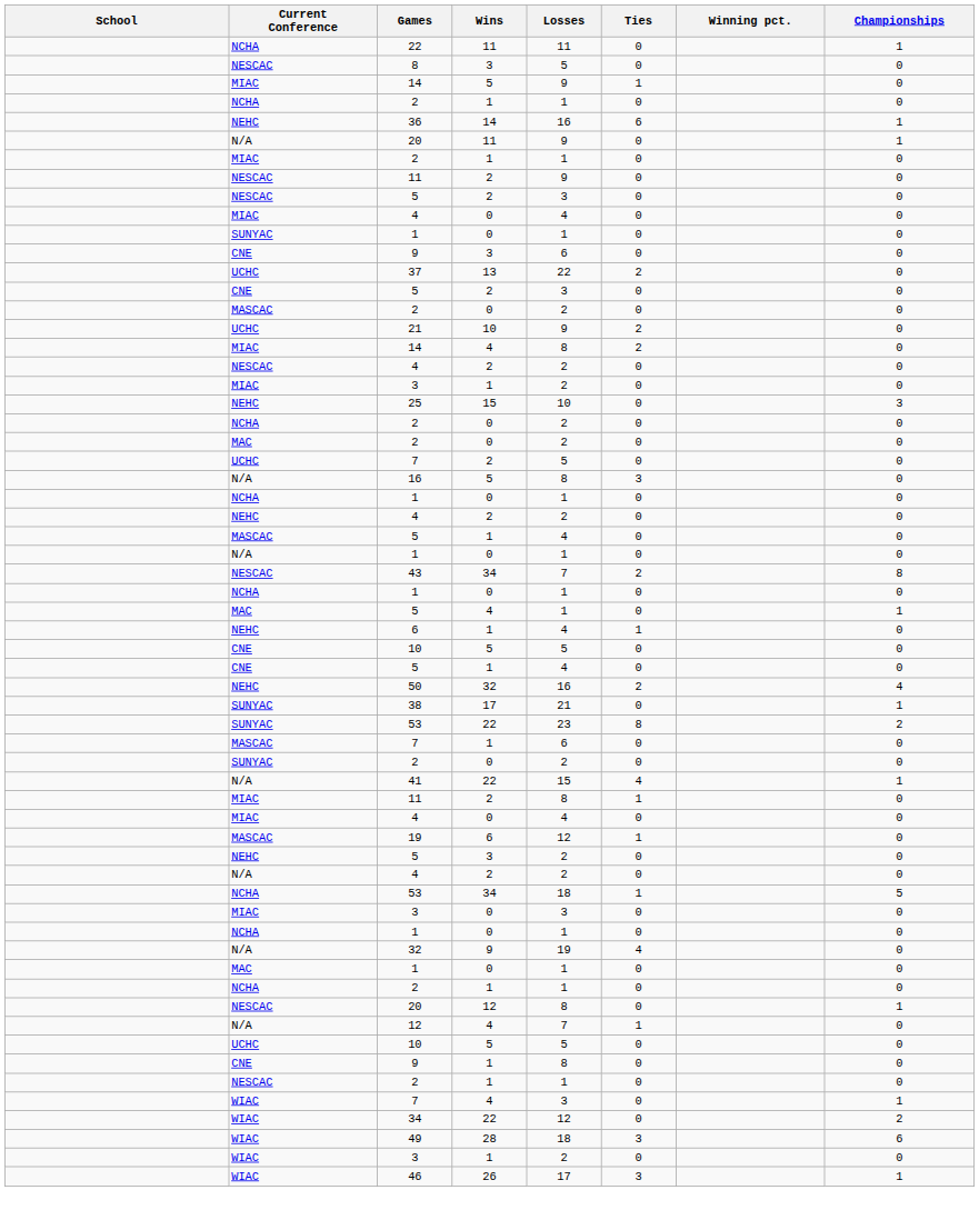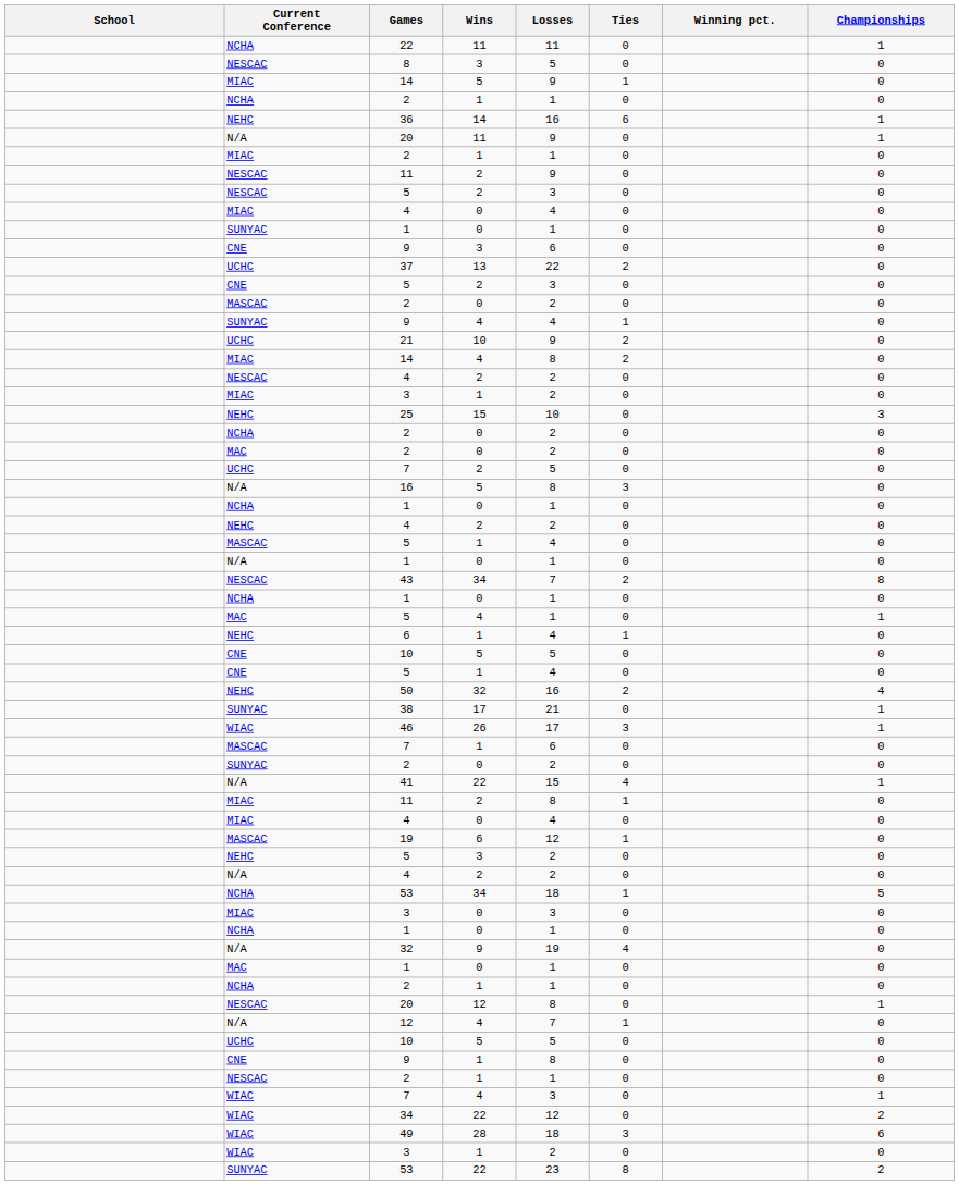 <table class="wikitable sortable" style="text-align:center" width=55%>
 <tr>
 <th width=15%>School</th>
 <th width=10%>Current<br>Conference</th>
 <th width=5%>Games</th>
 <th width=5%>Wins</th>
 <th width=5%>Losses</th>
 <th width=5%>Ties</th>
 <th width=10%>Winning pct.</th>
 <th width=10%><a href='#'>Championships</a></th>
 </tr>
 <tr>
 <td align=left><strong><a href='#'></a></strong></td>
 <td align=left><a href='#'>NCHA</a></td>
 <td>22</td>
 <td>11</td>
 <td>11</td>
 <td>0</td>
 <td></td>
 <td>1</td>
 </tr>
 <tr>
 <td align=left><strong><a href='#'></a></strong></td>
 <td align=left><a href='#'>NESCAC</a></td>
 <td>8</td>
 <td>3</td>
 <td>5</td>
 <td>0</td>
 <td></td>
 <td>0</td>
 </tr>
 <tr>
 <td align=left><strong><a href='#'></a></strong></td>
 <td align=left><a href='#'>MIAC</a></td>
 <td>14</td>
 <td>5</td>
 <td>9</td>
 <td>1</td>
 <td></td>
 <td>0</td>
 </tr>
 <tr>
 <td align=left><strong><a href='#'></a></strong></td>
 <td align=left><a href='#'>NCHA</a></td>
 <td>2</td>
 <td>1</td>
 <td>1</td>
 <td>0</td>
 <td></td>
 <td>0</td>
 </tr>
 <tr>
 <td align=left><strong><a href='#'></a></strong></td>
 <td align=left><a href='#'>NEHC</a></td>
 <td>36</td>
 <td>14</td>
 <td>16</td>
 <td>6</td>
 <td></td>
 <td>1</td>
 </tr>
 <tr>
 <td align=left><strong><em><a href='#'></a></em></strong></td>
 <td align=left>N/A</td>
 <td>20</td>
 <td>11</td>
 <td>9</td>
 <td>0</td>
 <td></td>
 <td>1</td>
 </tr>
 <tr>
 <td align=left><strong><a href='#'></a></strong></td>
 <td align=left><a href='#'>MIAC</a></td>
 <td>2</td>
 <td>1</td>
 <td>1</td>
 <td>0</td>
 <td></td>
 <td>0</td>
 </tr>
 <tr>
 <td align=left><strong><a href='#'></a></strong></td>
 <td align=left><a href='#'>NESCAC</a></td>
 <td>11</td>
 <td>2</td>
 <td>9</td>
 <td>0</td>
 <td></td>
 <td>0</td>
 </tr>
 <tr>
 <td align=left><strong><a href='#'></a></strong></td>
 <td align=left><a href='#'>NESCAC</a></td>
 <td>5</td>
 <td>2</td>
 <td>3</td>
 <td>0</td>
 <td></td>
 <td>0</td>
 </tr>
 <tr>
 <td align=left><strong><a href='#'></a></strong></td>
 <td align=left><a href='#'>MIAC</a></td>
 <td>4</td>
 <td>0</td>
 <td>4</td>
 <td>0</td>
 <td></td>
 <td>0</td>
 </tr>
 <tr>
 <td align=left><strong><a href='#'></a></strong></td>
 <td align=left><a href='#'>SUNYAC</a></td>
 <td>1</td>
 <td>0</td>
 <td>1</td>
 <td>0</td>
 <td></td>
 <td>0</td>
 </tr>
 <tr>
 <td align=left><strong><a href='#'></a></strong></td>
 <td align=left><a href='#'>CNE</a></td>
 <td>9</td>
 <td>3</td>
 <td>6</td>
 <td>0</td>
 <td></td>
 <td>0</td>
 </tr>
 <tr>
 <td align=left><strong><a href='#'></a></strong></td>
 <td align=left><a href='#'>UCHC</a></td>
 <td>37</td>
 <td>13</td>
 <td>22</td>
 <td>2</td>
 <td></td>
 <td>0</td>
 </tr>
 <tr>
 <td align=left><strong><a href='#'></a></strong></td>
 <td align=left><a href='#'>CNE</a></td>
 <td>5</td>
 <td>2</td>
 <td>3</td>
 <td>0</td>
 <td></td>
 <td>0</td>
 </tr>
 <tr>
 <td align=left><strong><a href='#'></a></strong></td>
 <td align=left><a href='#'>MASCAC</a></td>
 <td>2</td>
 <td>0</td>
 <td>2</td>
 <td>0</td>
+<td></td>
+<td>0</td>
+</tr>
+<tr>
+<td align=left><strong><a href='#'></a></strong></td>
+<td align=left><a href='#'>SUNYAC</a></td>
+<td>9</td>
+<td>4</td>
+<td>4</td>
+<td>1</td>
 <td></td>
 <td>0</td>
 </tr>
 <tr>
 <td align=left><strong><a href='#'></a></strong></td>
 <td align=left><a href='#'>UCHC</a></td>
 <td>21</td>
 <td>10</td>
 <td>9</td>
 <td>2</td>
 <td></td>
 <td>0</td>
 </tr>
 <tr>
 <td align=left><strong><a href='#'></a></strong></td>
 <td align=left><a href='#'>MIAC</a></td>
 <td>14</td>
 <td>4</td>
 <td>8</td>
 <td>2</td>
 <td></td>
 <td>0</td>
 </tr>
 <tr>
 <td align=left><strong><a href='#'></a></strong></td>
 <td align=left><a href='#'>NESCAC</a></td>
 <td>4</td>
 <td>2</td>
 <td>2</td>
 <td>0</td>
 <td></td>
 <td>0</td>
 </tr>
 <tr>
 <td align=left><strong><a href='#'></a></strong></td>
 <td align=left><a href='#'>MIAC</a></td>
 <td>3</td>
 <td>1</td>
 <td>2</td>
 <td>0</td>
 <td></td>
 <td>0</td>
 </tr>
 <tr>
 <td align=left><strong><a href='#'></a></strong></td>
 <td align=left><a href='#'>NEHC</a></td>
 <td>25</td>
 <td>15</td>
 <td>10</td>
 <td>0</td>
 <td></td>
 <td>3</td>
 </tr>
 <tr>
 <td align=left><strong><a href='#'></a></strong></td>
 <td align=left><a href='#'>NCHA</a></td>
 <td>2</td>
 <td>0</td>
 <td>2</td>
 <td>0</td>
 <td></td>
 <td>0</td>
 </tr>
 <tr>
 <td align=left><strong><a href='#'></a></strong></td>
 <td align=left><a href='#'>MAC</a></td>
 <td>2</td>
 <td>0</td>
 <td>2</td>
 <td>0</td>
 <td></td>
 <td>0</td>
 </tr>
 <tr>
 <td align=left><strong><a href='#'></a></strong></td>
 <td align=left><a href='#'>UCHC</a></td>
 <td>7</td>
 <td>2</td>
 <td>5</td>
 <td>0</td>
 <td></td>
 <td>0</td>
 </tr>
 <tr>
 <td align=left><strong><em><a href='#'></a></em></strong></td>
 <td align=left>N/A</td>
 <td>16</td>
 <td>5</td>
 <td>8</td>
 <td>3</td>
 <td></td>
 <td>0</td>
 </tr>
 <tr>
 <td align=left><strong><a href='#'></a></strong></td>
 <td align=left><a href='#'>NCHA</a></td>
 <td>1</td>
 <td>0</td>
 <td>1</td>
 <td>0</td>
 <td></td>
 <td>0</td>
 </tr>
 <tr>
 <td align=left><strong><a href='#'></a></strong></td>
 <td align=left><a href='#'>NEHC</a></td>
 <td>4</td>
 <td>2</td>
 <td>2</td>
 <td>0</td>
 <td></td>
 <td>0</td>
 </tr>
 <tr>
 <td align=left><strong><a href='#'></a></strong></td>
 <td align=left><a href='#'>MASCAC</a></td>
 <td>5</td>
 <td>1</td>
 <td>4</td>
 <td>0</td>
 <td></td>
 <td>0</td>
 </tr>
 <tr>
 <td align=left><strong><em><a href='#'></a></em></strong></td>
 <td align=left>N/A</td>
 <td>1</td>
 <td>0</td>
 <td>1</td>
 <td>0</td>
 <td></td>
 <td>0</td>
 </tr>
 <tr>
 <td align=left><strong><a href='#'></a></strong></td>
 <td align=left><a href='#'>NESCAC</a></td>
 <td>43</td>
 <td>34</td>
 <td>7</td>
 <td>2</td>
 <td></td>
 <td>8</td>
 </tr>
 <tr>
 <td align=left><strong><a href='#'></a></strong></td>
 <td align=left><a href='#'>NCHA</a></td>
 <td>1</td>
 <td>0</td>
 <td>1</td>
 <td>0</td>
 <td></td>
 <td>0</td>
 </tr>
 <tr>
 <td align=left><strong><a href='#'></a></strong></td>
 <td align=left><a href='#'>MAC</a></td>
 <td>5</td>
 <td>4</td>
 <td>1</td>
 <td>0</td>
 <td></td>
 <td>1</td>
 </tr>
 <tr>
 <td align=left><strong><a href='#'></a></strong></td>
 <td align=left><a href='#'>NEHC</a></td>
 <td>6</td>
 <td>1</td>
 <td>4</td>
 <td>1</td>
 <td></td>
 <td>0</td>
 </tr>
 <tr>
 <td align=left><strong><a href='#'></a></strong></td>
 <td align=left><a href='#'>CNE</a></td>
 <td>10</td>
 <td>5</td>
 <td>5</td>
 <td>0</td>
 <td></td>
 <td>0</td>
 </tr>
 <tr>
 <td align=left><strong><a href='#'></a></strong></td>
 <td align=left><a href='#'>CNE</a></td>
 <td>5</td>
 <td>1</td>
 <td>4</td>
 <td>0</td>
 <td></td>
 <td>0</td>
 </tr>
 <tr>
 <td align=left><strong><a href='#'></a></strong></td>
 <td align=left><a href='#'>NEHC</a></td>
 <td>50</td>
 <td>32</td>
 <td>16</td>
 <td>2</td>
 <td></td>
 <td>4</td>
 </tr>
 <tr>
 <td align=left><strong><a href='#'></a></strong></td>
 <td align=left><a href='#'>SUNYAC</a></td>
 <td>38</td>
 <td>17</td>
 <td>21</td>
 <td>0</td>
 <td></td>
 <td>1</td>
 </tr>
 <tr>
 <td align=left><strong><a href='#'></a></strong></td>
-<td align=left><a href='#'>SUNYAC</a></td>
-<td>53</td>
-<td>22</td>
-<td>23</td>
-<td>8</td>
+<td align=left><a href='#'>WIAC</a></td>
+<td>46</td>
+<td>26</td>
+<td>17</td>
+<td>3</td>
 <td></td>
-<td>2</td>
+<td>1</td>
 </tr>
 <tr>
 <td align=left><strong><a href='#'></a></strong></td>
 <td align=left><a href='#'>MASCAC</a></td>
 <td>7</td>
 <td>1</td>
 <td>6</td>
 <td>0</td>
 <td></td>
 <td>0</td>
 </tr>
 <tr>
 <td align=left><strong><a href='#'></a></strong></td>
 <td align=left><a href='#'>SUNYAC</a></td>
 <td>2</td>
 <td>0</td>
 <td>2</td>
 <td>0</td>
 <td></td>
 <td>0</td>
 </tr>
 <tr>
 <td align=left><strong><em><a href='#'></a></em></strong></td>
 <td align=left>N/A</td>
 <td>41</td>
 <td>22</td>
 <td>15</td>
 <td>4</td>
 <td></td>
 <td>1</td>
 </tr>
 <tr>
 <td align=left><strong><a href='#'></a></strong></td>
 <td align=left><a href='#'>MIAC</a></td>
 <td>11</td>
 <td>2</td>
 <td>8</td>
 <td>1</td>
 <td></td>
 <td>0</td>
 </tr>
 <tr>
 <td align=left><strong><a href='#'></a></strong></td>
 <td align=left><a href='#'>MIAC</a></td>
 <td>4</td>
 <td>0</td>
 <td>4</td>
 <td>0</td>
 <td></td>
 <td>0</td>
 </tr>
 <tr>
 <td align=left><strong><a href='#'></a></strong></td>
 <td align=left><a href='#'>MASCAC</a></td>
 <td>19</td>
 <td>6</td>
 <td>12</td>
 <td>1</td>
 <td></td>
 <td>0</td>
 </tr>
 <tr>
 <td align=left><strong><a href='#'></a></strong></td>
 <td align=left><a href='#'>NEHC</a></td>
 <td>5</td>
 <td>3</td>
 <td>2</td>
 <td>0</td>
 <td></td>
 <td>0</td>
 </tr>
 <tr>
 <td align=left><strong><em><a href='#'></a></em></strong></td>
 <td align=left>N/A</td>
 <td>4</td>
 <td>2</td>
 <td>2</td>
 <td>0</td>
 <td></td>
 <td>0</td>
 </tr>
 <tr>
 <td align=left><strong><a href='#'></a></strong></td>
 <td align=left><a href='#'>NCHA</a></td>
 <td>53</td>
 <td>34</td>
 <td>18</td>
 <td>1</td>
 <td></td>
 <td>5</td>
 </tr>
 <tr>
 <td align=left><strong><a href='#'></a></strong></td>
 <td align=left><a href='#'>MIAC</a></td>
 <td>3</td>
 <td>0</td>
 <td>3</td>
 <td>0</td>
 <td></td>
 <td>0</td>
 </tr>
 <tr>
 <td align=left><strong><a href='#'></a></strong></td>
 <td align=left><a href='#'>NCHA</a></td>
 <td>1</td>
 <td>0</td>
 <td>1</td>
 <td>0</td>
 <td></td>
 <td>0</td>
 </tr>
 <tr>
 <td align=left><strong><em><a href='#'></a></em></strong></td>
 <td align=left>N/A</td>
 <td>32</td>
 <td>9</td>
 <td>19</td>
 <td>4</td>
 <td></td>
 <td>0</td>
 </tr>
 <tr>
 <td align=left><strong><a href='#'></a></strong></td>
 <td align=left><a href='#'>MAC</a></td>
 <td>1</td>
 <td>0</td>
 <td>1</td>
 <td>0</td>
 <td></td>
 <td>0</td>
 </tr>
 <tr>
 <td align=left><strong><a href='#'></a></strong></td>
 <td align=left><a href='#'>NCHA</a></td>
 <td>2</td>
 <td>1</td>
 <td>1</td>
 <td>0</td>
 <td></td>
 <td>0</td>
 </tr>
 <tr>
 <td align=left><strong><a href='#'></a></strong></td>
 <td align=left><a href='#'>NESCAC</a></td>
 <td>20</td>
 <td>12</td>
 <td>8</td>
 <td>0</td>
 <td></td>
 <td>1</td>
 </tr>
 <tr>
 <td align=left><strong><em><a href='#'></a></em></strong></td>
 <td align=left>N/A</td>
 <td>12</td>
 <td>4</td>
 <td>7</td>
 <td>1</td>
 <td></td>
 <td>0</td>
 </tr>
 <tr>
 <td align=left><strong><a href='#'></a></strong></td>
 <td align=left><a href='#'>UCHC</a></td>
 <td>10</td>
 <td>5</td>
 <td>5</td>
 <td>0</td>
 <td></td>
 <td>0</td>
 </tr>
 <tr>
 <td align=left><strong><a href='#'></a></strong></td>
 <td align=left><a href='#'>CNE</a></td>
 <td>9</td>
 <td>1</td>
 <td>8</td>
 <td>0</td>
 <td></td>
 <td>0</td>
 </tr>
 <tr>
 <td align=left><strong><a href='#'></a></strong></td>
 <td align=left><a href='#'>NESCAC</a></td>
 <td>2</td>
 <td>1</td>
 <td>1</td>
 <td>0</td>
 <td></td>
 <td>0</td>
 </tr>
 <tr>
 <td align=left><strong><a href='#'></a></strong></td>
 <td align=left><a href='#'>WIAC</a></td>
 <td>7</td>
 <td>4</td>
 <td>3</td>
 <td>0</td>
 <td></td>
 <td>1</td>
 </tr>
 <tr>
 <td align=left><strong><a href='#'></a></strong></td>
 <td align=left><a href='#'>WIAC</a></td>
 <td>34</td>
 <td>22</td>
 <td>12</td>
 <td>0</td>
 <td></td>
 <td>2</td>
 </tr>
 <tr>
 <td align=left><strong><a href='#'></a></strong></td>
 <td align=left><a href='#'>WIAC</a></td>
 <td>49</td>
 <td>28</td>
 <td>18</td>
 <td>3</td>
 <td></td>
 <td>6</td>
 </tr>
 <tr>
 <td align=left><strong><a href='#'></a></strong></td>
 <td align=left><a href='#'>WIAC</a></td>
 <td>3</td>
 <td>1</td>
 <td>2</td>
 <td>0</td>
 <td></td>
 <td>0</td>
 </tr>
 <tr>
 <td align=left><strong><a href='#'></a></strong></td>
-<td align=left><a href='#'>WIAC</a></td>
-<td>46</td>
-<td>26</td>
-<td>17</td>
-<td>3</td>
+<td align=left><a href='#'>SUNYAC</a></td>
+<td>53</td>
+<td>22</td>
+<td>23</td>
+<td>8</td>
 <td></td>
-<td>1</td>
+<td>2</td>
 </tr>
 </table>
